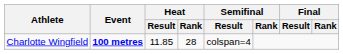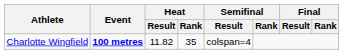 <table class="wikitable" style="font-size:90%">
 <tr>
 <th rowspan="2">Athlete</th>
 <th rowspan="2">Event</th>
 <th colspan="2">Heat</th>
 <th colspan="2">Semifinal</th>
 <th colspan="2">Final</th>
 </tr>
 <tr style="font-size:95%">
 <th>Result</th>
 <th>Rank</th>
 <th>Result</th>
 <th>Rank</th>
 <th>Result</th>
 <th>Rank</th>
 </tr>
 <tr style=text-align:center>
 <td style=text-align:left><a href='#'>Charlotte Wingfield</a></td>
 <td style=text-align:left><strong><a href='#'>100 metres</a></strong></td>
-<td>11.85</td>
-<td>28</td>
+<td>11.82</td>
+<td>35</td>
 <td>colspan=4 </td>
 </tr>
 </table>
